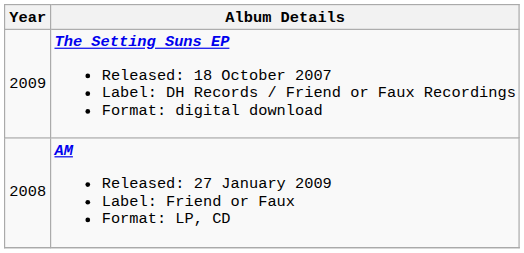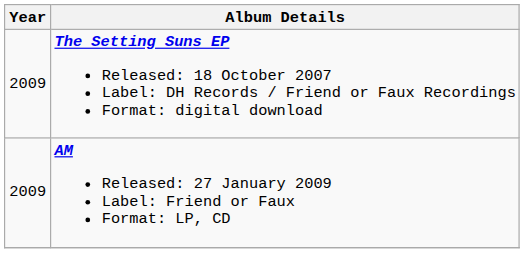 <table class="wikitable">
 <tr>
 <th width="33">Year</th>
 <th>Album Details</th>
 </tr>
 <tr>
 <td align="center">2009</td>
 <td><strong><em><a href='#'>The Setting Suns EP</a></em></strong><br><ul><li>Released: 18 October 2007</li><li>Label: DH Records / Friend or Faux Recordings</li><li>Format: digital download</li></ul></td>
 </tr>
 <tr>
-<td align="center">2008</td>
+<td align="center">2009</td>
 <td><strong><em><a href='#'>AM</a></em></strong><br><ul><li>Released: 27 January 2009</li><li>Label: Friend or Faux</li><li>Format: LP, CD</li></ul></td>
 </tr>
 <tr>
 </tr>
 </table>
